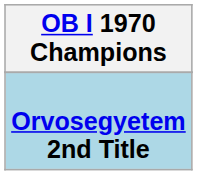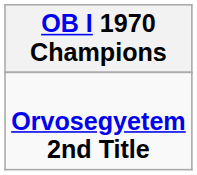 <table class="wikitable" style="text-align: center; margin: 0 auto;">
 <tr>
 <th><a href='#'>OB I</a> 1970<br>Champions</th>
 </tr>
 <tr>
 </tr>
 <tr>
-<td style="background: lightblue;"> <br><strong><a href='#'>Orvosegyetem</a></strong><br><strong>2nd Title</strong></td>
+<td> <br><strong><a href='#'>Orvosegyetem</a></strong><br><strong>2nd Title</strong></td>
 </tr>
 </table>
